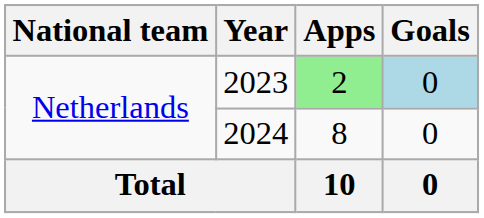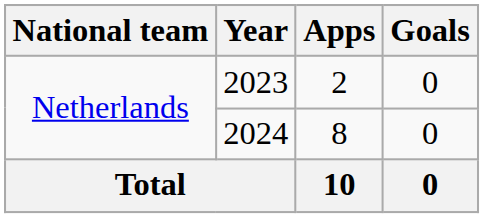 <table class="wikitable" style="text-align: center;">
 <tr>
 <th>National team</th>
 <th>Year</th>
 <th>Apps</th>
 <th>Goals</th>
 </tr>
 <tr>
 <td rowspan="2"><a href='#'>Netherlands</a></td>
 <td>2023</td>
-<td style="background: lightgreen;">2</td>
-<td style="background: lightblue;">0</td>
+<td>2</td>
+<td>0</td>
 </tr>
 <tr>
 <td>2024</td>
 <td>8</td>
 <td>0</td>
 </tr>
 <tr>
 <th colspan="2">Total</th>
 <th>10</th>
 <th>0</th>
 </tr>
 </table>
